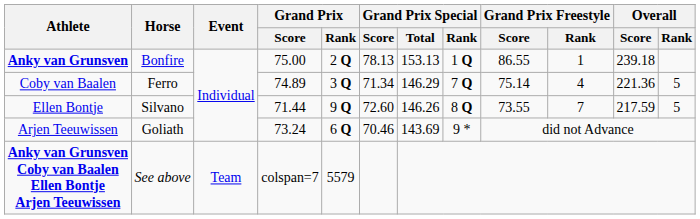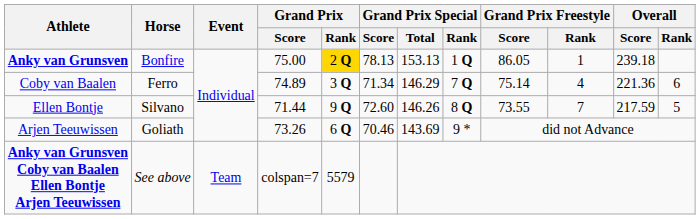 <table class=wikitable style="font-size:90%">
 <tr>
 <th rowspan="2">Athlete</th>
 <th rowspan="2">Horse</th>
 <th rowspan="2">Event</th>
 <th colspan="2">Grand Prix</th>
 <th colspan="3">Grand Prix Special</th>
 <th colspan="2">Grand Prix Freestyle</th>
 <th colspan="2">Overall</th>
 </tr>
 <tr style="font-size:95%">
 <th>Score</th>
 <th>Rank</th>
 <th>Score</th>
 <th>Total</th>
 <th>Rank</th>
 <th>Score</th>
 <th>Rank</th>
 <th>Score</th>
 <th>Rank</th>
 </tr>
 <tr align=center>
 <td><strong><a href='#'>Anky van Grunsven</a></strong></td>
 <td><a href='#'>Bonfire</a></td>
 <td rowspan=4><a href='#'>Individual</a></td>
 <td>75.00</td>
-<td>2 <strong>Q</strong></td>
+<td style="background: gold;">2 <strong>Q</strong></td>
 <td>78.13</td>
 <td>153.13</td>
 <td>1 <strong>Q</strong></td>
-<td>86.55</td>
+<td>86.05</td>
 <td>1</td>
 <td>239.18</td>
 <td></td>
 </tr>
 <tr align=center>
 <td><a href='#'>Coby van Baalen</a></td>
 <td>Ferro</td>
 <td>74.89</td>
 <td>3 <strong>Q</strong></td>
 <td>71.34</td>
 <td>146.29</td>
 <td>7 <strong>Q</strong></td>
 <td>75.14</td>
 <td>4</td>
 <td>221.36</td>
-<td>5</td>
+<td>6</td>
 </tr>
 <tr align=center>
 <td><a href='#'>Ellen Bontje</a></td>
 <td>Silvano</td>
 <td>71.44</td>
 <td>9 <strong>Q</strong></td>
 <td>72.60</td>
 <td>146.26</td>
 <td>8 <strong>Q</strong></td>
 <td>73.55</td>
 <td>7</td>
 <td>217.59</td>
 <td>5</td>
 </tr>
 <tr align=center>
 <td><a href='#'>Arjen Teeuwissen</a></td>
 <td>Goliath</td>
-<td>73.24</td>
+<td>73.26</td>
 <td>6 <strong>Q</strong></td>
 <td>70.46</td>
 <td>143.69</td>
 <td>9 *</td>
 <td colspan=4>did not Advance</td>
 </tr>
 <tr align=center>
 <td><strong><a href='#'>Anky van Grunsven</a><br><a href='#'>Coby van Baalen</a><br><a href='#'>Ellen Bontje</a><br><a href='#'>Arjen Teeuwissen</a></strong></td>
 <td><em>See above</em></td>
 <td><a href='#'>Team</a></td>
 <td>colspan=7 </td>
 <td>5579</td>
 <td></td>
 </tr>
 </table>
